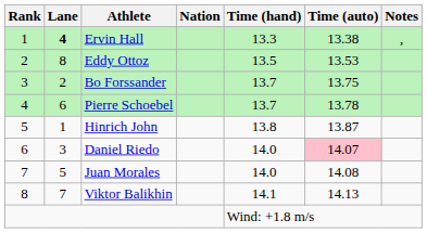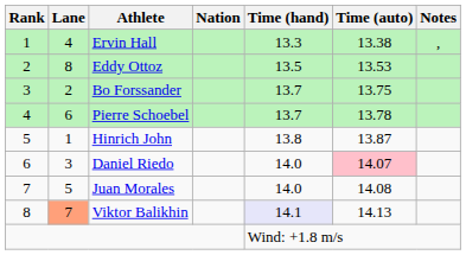 <table class="wikitable sortable" style="text-align:center">
 <tr>
 <th>Rank</th>
 <th>Lane</th>
 <th>Athlete</th>
 <th>Nation</th>
 <th>Time (hand)</th>
 <th>Time (auto)</th>
 <th>Notes</th>
 </tr>
 <tr bgcolor=bbf3bb>
 <td>1</td>
-<td><strong>4</strong></td>
+<td>4</td>
 <td align=left><a href='#'>Ervin Hall</a></td>
 <td align=left></td>
 <td>13.3</td>
 <td>13.38</td>
 <td>, </td>
 </tr>
 <tr bgcolor=bbf3bb>
 <td>2</td>
 <td>8</td>
 <td align=left><a href='#'>Eddy Ottoz</a></td>
 <td align=left></td>
 <td>13.5</td>
 <td>13.53</td>
 <td></td>
 </tr>
 <tr bgcolor=bbf3bb>
 <td>3</td>
 <td>2</td>
 <td align=left><a href='#'>Bo Forssander</a></td>
 <td align=left></td>
 <td>13.7</td>
 <td>13.75</td>
 <td></td>
 </tr>
 <tr bgcolor=bbf3bb>
 <td>4</td>
 <td>6</td>
 <td align=left><a href='#'>Pierre Schoebel</a></td>
 <td align=left></td>
 <td>13.7</td>
 <td>13.78</td>
 <td></td>
 </tr>
 <tr>
 <td>5</td>
 <td>1</td>
 <td align=left><a href='#'>Hinrich John</a></td>
 <td align=left></td>
 <td>13.8</td>
 <td>13.87</td>
 <td></td>
 </tr>
 <tr>
 <td>6</td>
 <td>3</td>
 <td align=left><a href='#'>Daniel Riedo</a></td>
 <td align=left></td>
 <td>14.0</td>
 <td style="background: pink;">14.07</td>
 <td></td>
 </tr>
 <tr>
 <td>7</td>
 <td>5</td>
 <td align=left><a href='#'>Juan Morales</a></td>
 <td align=left></td>
 <td>14.0</td>
 <td>14.08</td>
 <td></td>
 </tr>
 <tr>
 <td>8</td>
-<td>7</td>
+<td style="background: lightsalmon;">7</td>
 <td align=left><a href='#'>Viktor Balikhin</a></td>
 <td align=left></td>
-<td>14.1</td>
+<td style="background: lavender;">14.1</td>
 <td>14.13</td>
 <td></td>
 </tr>
 <tr class="sortbottom">
 <td colspan=4></td>
 <td colspan="3" style="text-align:left;">Wind: +1.8 m/s</td>
 </tr>
 </table>
